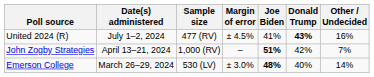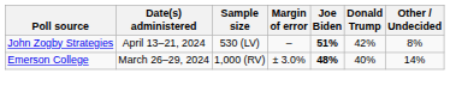 <table class="wikitable sortable mw-datatable" style="font-size:90%;text-align:center;line-height:17px">
 <tr valign=bottom>
 <th>Poll source</th>
 <th>Date(s)<br>administered</th>
 <th>Sample<br>size</th>
 <th>Margin<br>of error</th>
 <th class="unsortable">Joe<br>Biden<br></th>
 <th class="unsortable">Donald<br>Trump<br></th>
 <th class="unsortable">Other /<br>Undecided</th>
 </tr>
 <tr>
-<td style="text-align:left;">United 2024 (R)</td>
-<td data-sort-value="2024-07-03">July 1–2, 2024</td>
-<td>477 (RV)</td>
-<td>± 4.5%</td>
-<td>41%</td>
-<td style="background-color:"><strong>43%</strong></td>
-<td>16%</td>
-</tr>
-<tr>
 <td style="text-align:left;"><a href='#'>John Zogby Strategies</a></td>
 <td data-sort-value="2024-05-01">April 13–21, 2024</td>
-<td>1,000 (RV)</td>
+<td>530 (LV)</td>
 <td>–</td>
 <td style="color:black;background-color:"><strong>51%</strong></td>
 <td>42%</td>
-<td>7%</td>
+<td>8%</td>
 </tr>
 <tr>
 <td style="text-align:left;"><a href='#'>Emerson College</a></td>
 <td data-sort-value="2024-04-02">March 26–29, 2024</td>
-<td>530 (LV)</td>
+<td>1,000 (RV)</td>
 <td>± 3.0%</td>
 <td style="color:black;background-color:"><strong>48%</strong></td>
 <td>40%</td>
 <td>14%</td>
 </tr>
 </table>
